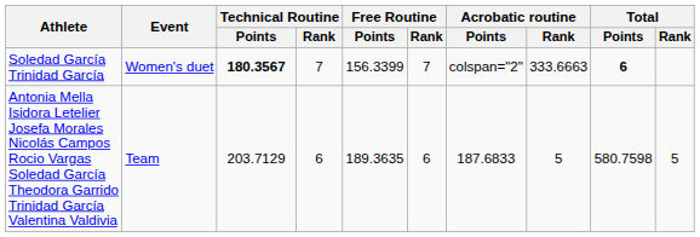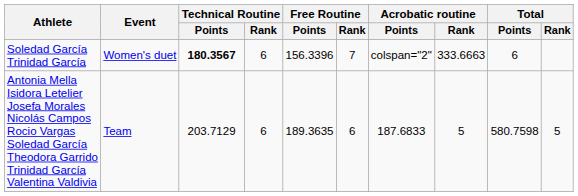 <table class=wikitable style=font-size:90%;text-align:center>
 <tr>
 <th rowspan=2>Athlete</th>
 <th rowspan=2>Event</th>
 <th colspan=2>Technical Routine</th>
 <th colspan=2>Free Routine</th>
 <th colspan=2>Acrobatic routine</th>
 <th colspan=2>Total</th>
 </tr>
 <tr style=font-size:95%>
 <th>Points</th>
 <th>Rank</th>
 <th>Points</th>
 <th>Rank</th>
 <th>Points</th>
 <th>Rank</th>
 <th>Points</th>
 <th>Rank</th>
 </tr>
 <tr style="text-align:center">
 <td style="text-align:left"><a href='#'>Soledad García</a><br><a href='#'>Trinidad García</a></td>
 <td style="text-align:left"><a href='#'>Women's duet</a></td>
 <td><strong>180.3567</strong></td>
-<td>7</td>
-<td>156.3399</td>
+<td>6</td>
+<td>156.3396</td>
 <td>7</td>
 <td>colspan="2" </td>
 <td>333.6663</td>
-<td><strong>6</strong></td>
+<td>6</td>
 </tr>
 <tr style="text-align:center">
 <td style="text-align:left"><a href='#'>Antonia Mella</a><br><a href='#'>Isidora Letelier</a><br><a href='#'>Josefa Morales</a><br><a href='#'>Nicolás Campos</a><br><a href='#'>Rocio Vargas</a><br><a href='#'>Soledad García</a><br><a href='#'>Theodora Garrido</a><br><a href='#'>Trinidad García</a><br><a href='#'>Valentina Valdivia</a></td>
 <td style="text-align:left"><a href='#'>Team</a></td>
 <td>203.7129</td>
 <td>6</td>
 <td>189.3635</td>
 <td>6</td>
 <td>187.6833</td>
 <td>5</td>
 <td>580.7598</td>
 <td>5</td>
 </tr>
 </table>
